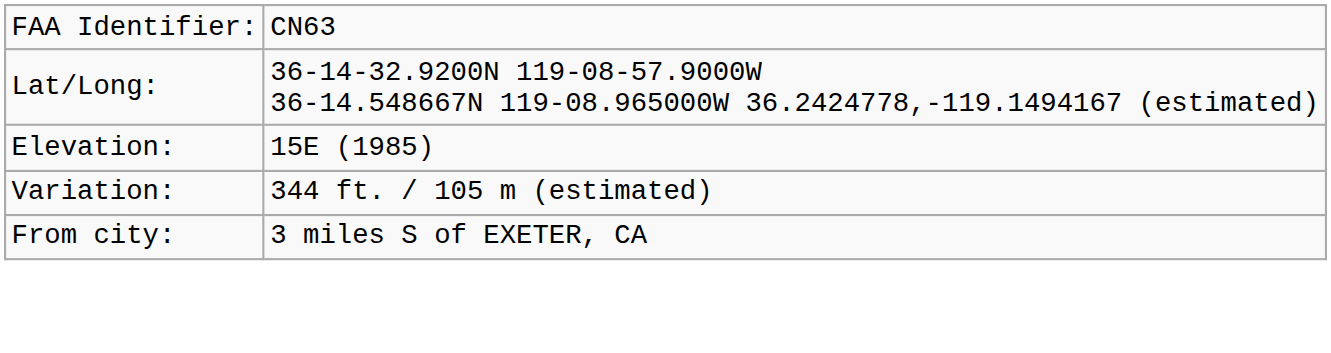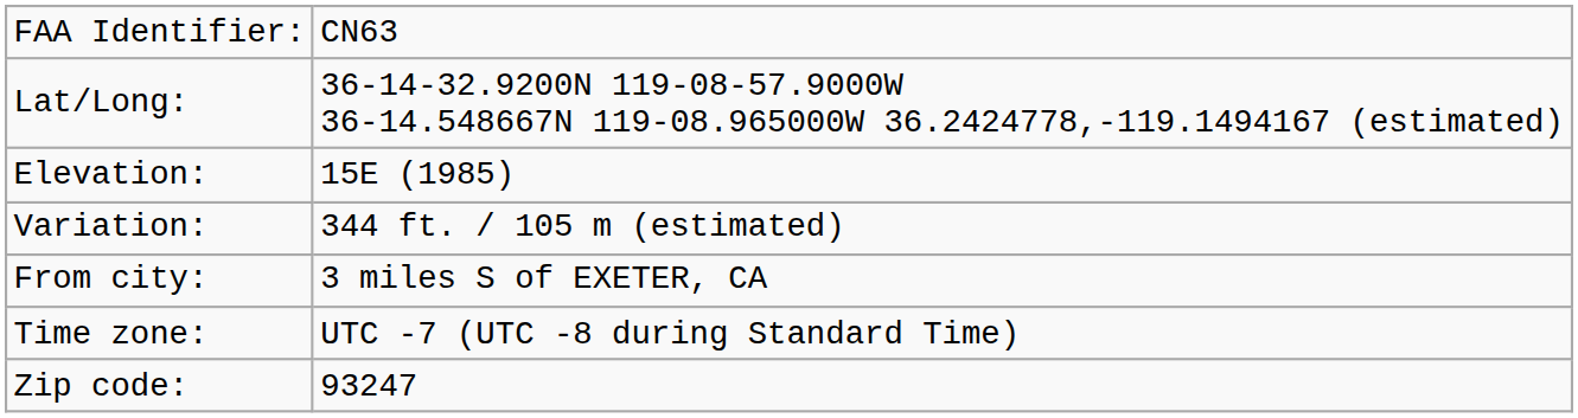 <table class="wikitable">
 <tr>
 <td>FAA Identifier:</td>
 <td>CN63</td>
 </tr>
 <tr>
 <td>Lat/Long:</td>
 <td>36-14-32.9200N 119-08-57.9000W<br>36-14.548667N 119-08.965000W 36.2424778,-119.1494167 (estimated)</td>
 </tr>
 <tr>
 <td>Elevation:</td>
 <td>15E (1985)</td>
 </tr>
 <tr>
 <td>Variation:</td>
 <td>344 ft. / 105 m (estimated)</td>
 </tr>
 <tr>
 <td>From city:</td>
 <td>3 miles S of EXETER, CA</td>
 </tr>
+<tr>
+<td>Time zone:</td>
+<td>UTC -7 (UTC -8 during Standard Time)</td>
+</tr>
+<tr>
+<td>Zip code:</td>
+<td>93247</td>
+</tr>
 </table>
